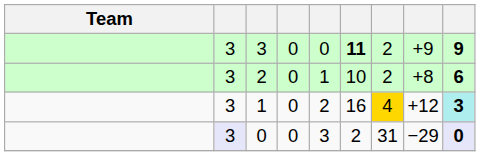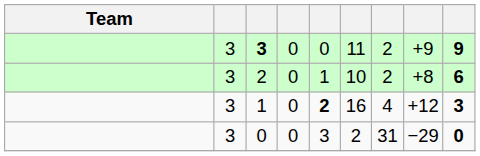 <table class="wikitable" style="text-align:center">
 <tr>
 <th width="175">Team</th>
 <th width="20"></th>
 <th width="20"></th>
 <th width="20"></th>
 <th width="20"></th>
 <th width="20"></th>
 <th width="20"></th>
 <th width="20"></th>
 <th width="20"></th>
 </tr>
 <tr bgcolor=#ccffcc>
 <td align=left></td>
 <td>3</td>
-<td>3</td>
+<td><strong>3</strong></td>
 <td>0</td>
 <td>0</td>
-<td><strong>11</strong></td>
+<td>11</td>
 <td>2</td>
 <td>+9</td>
 <td><strong>9</strong></td>
 </tr>
 <tr bgcolor=#ccffcc>
 <td align=left></td>
 <td>3</td>
 <td>2</td>
 <td>0</td>
 <td>1</td>
 <td>10</td>
 <td>2</td>
 <td>+8</td>
 <td><strong>6</strong></td>
 </tr>
 <tr>
 <td align=left></td>
 <td>3</td>
 <td>1</td>
 <td>0</td>
-<td>2</td>
+<td><strong>2</strong></td>
 <td>16</td>
-<td style="background: gold;">4</td>
+<td>4</td>
 <td>+12</td>
-<td style="background: paleturquoise;"><strong>3</strong></td>
+<td><strong>3</strong></td>
 </tr>
 <tr>
 <td align=left></td>
-<td style="background: lavender;">3</td>
+<td>3</td>
 <td>0</td>
 <td>0</td>
 <td>3</td>
 <td>2</td>
 <td>31</td>
 <td>−29</td>
-<td style="background: lavender;"><strong>0</strong></td>
+<td><strong>0</strong></td>
 </tr>
 <tr>
 </tr>
 </table>
